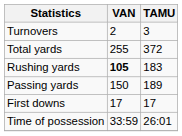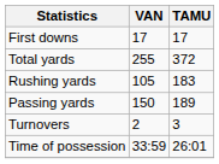 <table class="wikitable">
 <tr>
 <th>Statistics</th>
 <th>VAN</th>
 <th>TAMU</th>
 </tr>
 <tr>
-<td>Turnovers</td>
-<td>2</td>
-<td>3</td>
+<td>First downs</td>
+<td>17</td>
+<td>17</td>
 </tr>
 <tr>
 <td>Total yards</td>
 <td>255</td>
 <td>372</td>
 </tr>
 <tr>
 <td>Rushing yards</td>
-<td><strong>105</strong></td>
+<td>105</td>
 <td>183</td>
 </tr>
 <tr>
 <td>Passing yards</td>
 <td>150</td>
 <td>189</td>
 </tr>
 <tr>
-<td>First downs</td>
-<td>17</td>
-<td>17</td>
+<td>Turnovers</td>
+<td>2</td>
+<td>3</td>
 </tr>
 <tr>
 <td>Time of possession</td>
 <td>33:59</td>
 <td>26:01</td>
 </tr>
 <tr>
 </tr>
 </table>
